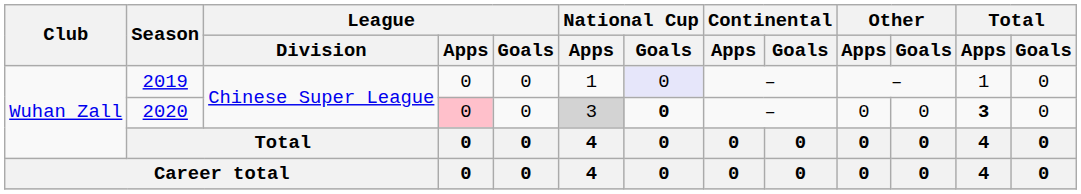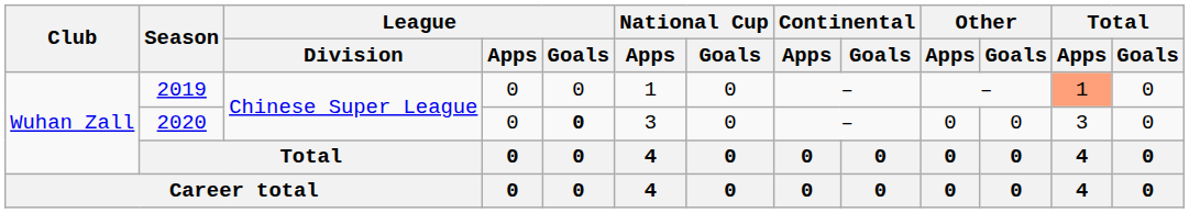 <table class="wikitable" style="text-align: center">
 <tr>
 <th rowspan="2">Club</th>
 <th rowspan="2">Season</th>
 <th colspan="3">League</th>
 <th colspan="2">National Cup</th>
 <th colspan="2">Continental</th>
 <th colspan="2">Other</th>
 <th colspan="2">Total</th>
 </tr>
 <tr>
 <th>Division</th>
 <th>Apps</th>
 <th>Goals</th>
 <th>Apps</th>
 <th>Goals</th>
 <th>Apps</th>
 <th>Goals</th>
 <th>Apps</th>
 <th>Goals</th>
 <th>Apps</th>
 <th>Goals</th>
 </tr>
 <tr>
 <td rowspan=3><a href='#'>Wuhan Zall</a></td>
 <td><a href='#'>2019</a></td>
 <td rowspan=2><a href='#'>Chinese Super League</a></td>
 <td>0</td>
 <td>0</td>
 <td>1</td>
-<td style="background: lavender;">0</td>
+<td>0</td>
 <td colspan="2">–</td>
 <td colspan="2">–</td>
-<td>1</td>
+<td style="background: lightsalmon;">1</td>
 <td>0</td>
 </tr>
 <tr>
 <td><a href='#'>2020</a></td>
-<td style="background: pink;">0</td>
 <td>0</td>
-<td style="background: lightgrey;">3</td>
 <td><strong>0</strong></td>
+<td>3</td>
+<td>0</td>
 <td colspan="2">–</td>
 <td>0</td>
 <td>0</td>
-<td><strong>3</strong></td>
+<td>3</td>
 <td>0</td>
 </tr>
 <tr>
 <th colspan=2>Total</th>
 <th>0</th>
 <th>0</th>
 <th>4</th>
 <th>0</th>
 <th>0</th>
 <th>0</th>
 <th>0</th>
 <th>0</th>
 <th>4</th>
 <th>0</th>
 </tr>
 <tr>
 <th colspan=3>Career total</th>
 <th>0</th>
 <th>0</th>
 <th>4</th>
 <th>0</th>
 <th>0</th>
 <th>0</th>
 <th>0</th>
 <th>0</th>
 <th>4</th>
 <th>0</th>
 </tr>
 </table>
